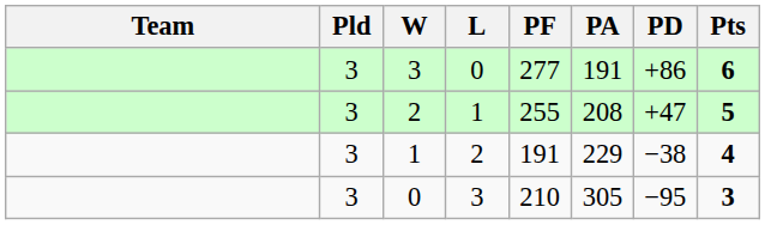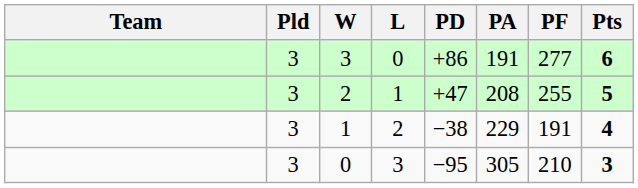 <table class="wikitable" style="text-align:center;">
 <tr>
 <th width=180>Team</th>
 <th width=30>Pld</th>
 <th width=30>W</th>
 <th width=30>L</th>
+<th width=30>PD</th>
+<th width=30>PA</th>
 <th width=30>PF</th>
-<th width=30>PA</th>
-<th width=30>PD</th>
 <th width=30>Pts</th>
 </tr>
 <tr bgcolor="#ccffcc">
 <td align="left"></td>
 <td>3</td>
 <td>3</td>
 <td>0</td>
+<td>+86</td>
+<td>191</td>
 <td>277</td>
-<td>191</td>
-<td>+86</td>
 <td><strong>6</strong></td>
 </tr>
 <tr bgcolor="#ccffcc">
 <td align="left"></td>
 <td>3</td>
 <td>2</td>
 <td>1</td>
+<td>+47</td>
+<td>208</td>
 <td>255</td>
-<td>208</td>
-<td>+47</td>
 <td><strong>5</strong></td>
 </tr>
 <tr>
 <td align="left"></td>
 <td>3</td>
 <td>1</td>
 <td>2</td>
+<td>−38</td>
+<td>229</td>
 <td>191</td>
-<td>229</td>
-<td>−38</td>
 <td><strong>4</strong></td>
 </tr>
 <tr>
 <td align="left"></td>
 <td>3</td>
 <td>0</td>
 <td>3</td>
+<td>−95</td>
+<td>305</td>
 <td>210</td>
-<td>305</td>
-<td>−95</td>
 <td><strong>3</strong></td>
 </tr>
 </table>
